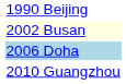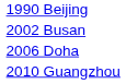 <table>
 <tr>
 <td><a href='#'>1990 Beijing</a></td>
 <td></td>
 <td></td>
 <td></td>
 </tr>
 <tr>
-<td style="background: lightyellow;"><a href='#'>2002 Busan</a></td>
+<td><a href='#'>2002 Busan</a></td>
 <td></td>
 <td></td>
 <td></td>
 </tr>
 <tr>
-<td style="background: lightblue;"><a href='#'>2006 Doha</a></td>
+<td><a href='#'>2006 Doha</a></td>
 <td></td>
 <td></td>
 <td></td>
 </tr>
 <tr>
 <td><a href='#'>2010 Guangzhou</a></td>
 <td></td>
 <td></td>
 <td></td>
 </tr>
 </table>
